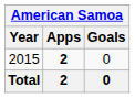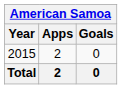 <table class="wikitable" style="text-align:center">
 <tr>
 <th colspan=3><a href='#'>American Samoa</a></th>
 </tr>
 <tr>
 <th>Year</th>
 <th>Apps</th>
 <th>Goals</th>
 </tr>
 <tr>
 <td>2015</td>
-<td><strong>2</strong></td>
+<td>2</td>
 <td>0</td>
 </tr>
 <tr>
 <th>Total</th>
 <th>2</th>
 <th>0</th>
 </tr>
 </table>
